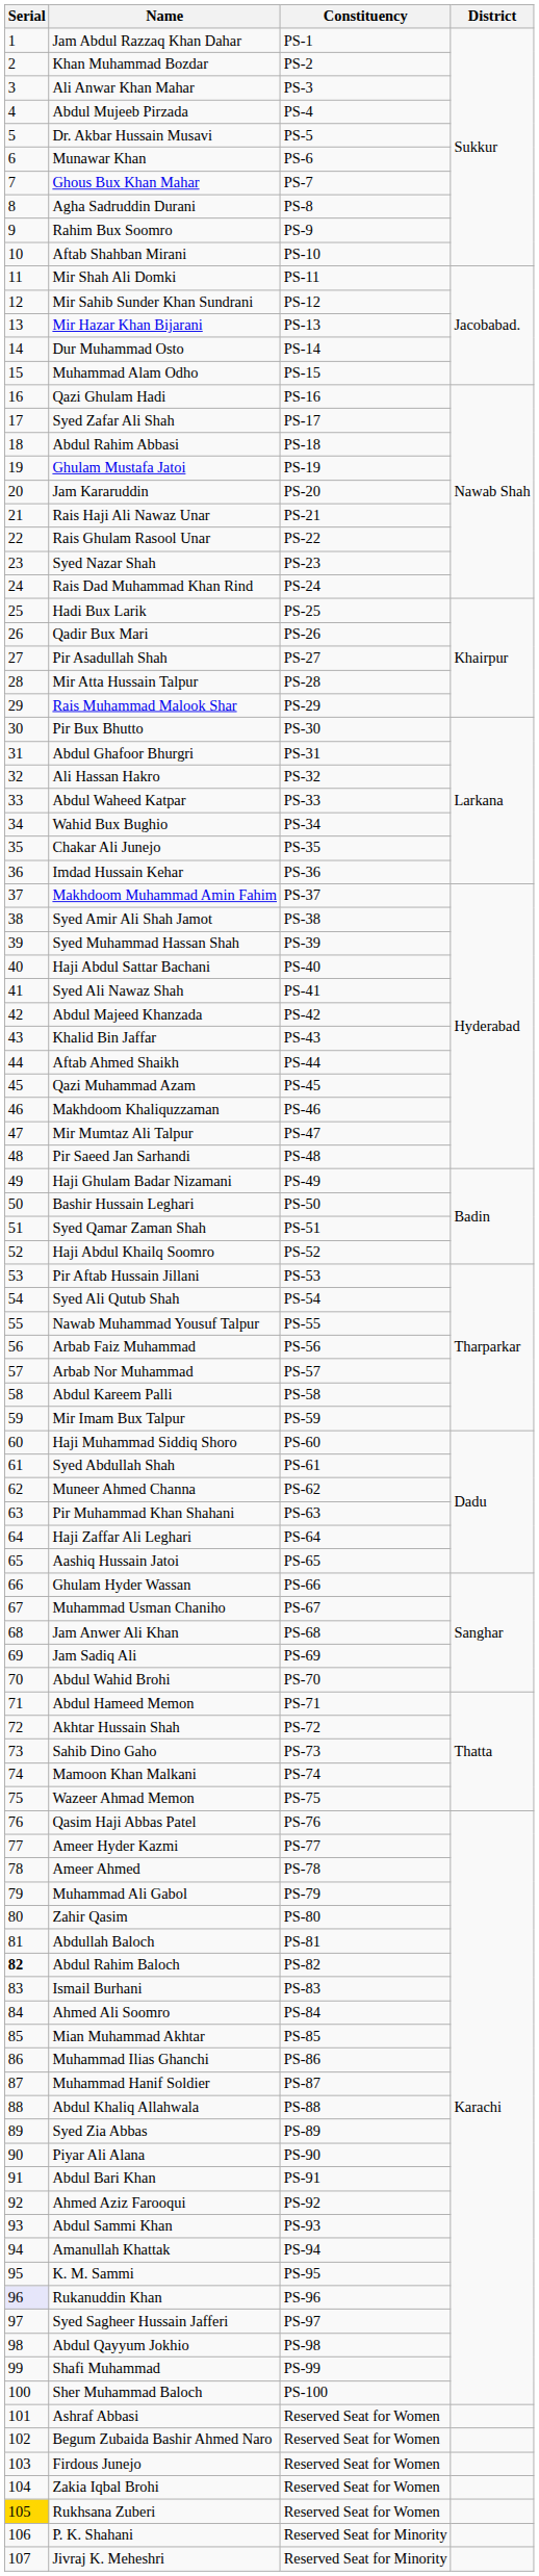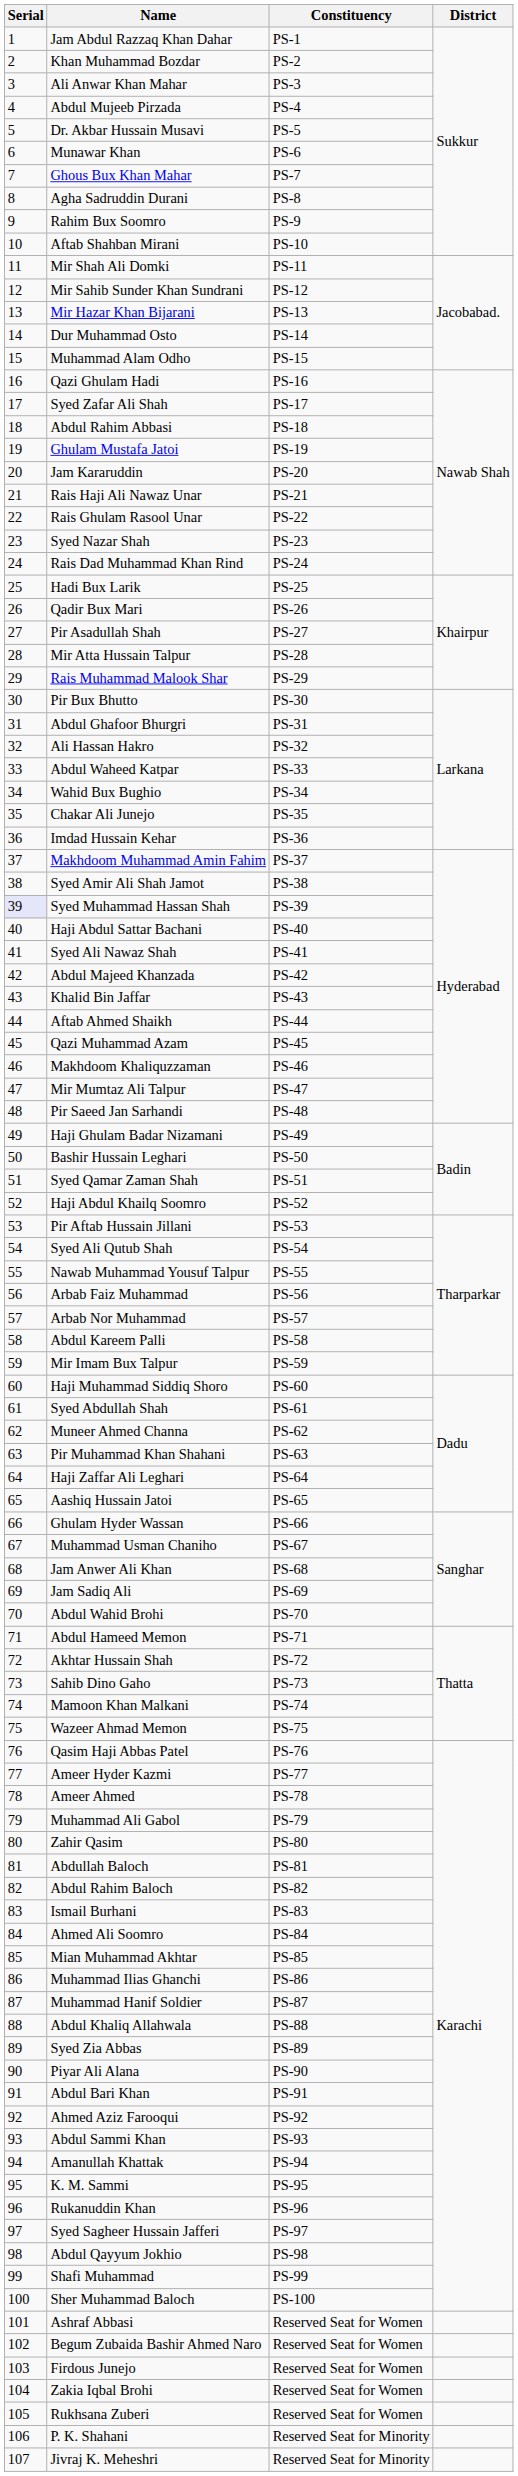 <table class="wikitable">
 <tr>
 <th>Serial</th>
 <th>Name</th>
 <th>Constituency</th>
 <th>District</th>
 </tr>
 <tr>
 <td>1</td>
 <td>Jam Abdul Razzaq Khan Dahar</td>
 <td>PS-1</td>
 <td rowspan="10">Sukkur</td>
 </tr>
 <tr>
 <td>2</td>
 <td>Khan Muhammad Bozdar</td>
 <td>PS-2</td>
 </tr>
 <tr>
 <td>3</td>
 <td>Ali Anwar Khan Mahar</td>
 <td>PS-3</td>
 </tr>
 <tr>
 <td>4</td>
 <td>Abdul Mujeeb Pirzada</td>
 <td>PS-4</td>
 </tr>
 <tr>
 <td>5</td>
 <td>Dr. Akbar Hussain Musavi</td>
 <td>PS-5</td>
 </tr>
 <tr>
 <td>6</td>
 <td>Munawar Khan</td>
 <td>PS-6</td>
 </tr>
 <tr>
 <td>7</td>
 <td><a href='#'>Ghous Bux Khan Mahar</a></td>
 <td>PS-7</td>
 </tr>
 <tr>
 <td>8</td>
 <td>Agha Sadruddin Durani</td>
 <td>PS-8</td>
 </tr>
 <tr>
 <td>9</td>
 <td>Rahim Bux Soomro</td>
 <td>PS-9</td>
 </tr>
 <tr>
 <td>10</td>
 <td>Aftab Shahban Mirani</td>
 <td>PS-10</td>
 </tr>
 <tr>
 <td>11</td>
 <td>Mir Shah Ali Domki</td>
 <td>PS-11</td>
 <td rowspan="5">Jacobabad.</td>
 </tr>
 <tr>
 <td>12</td>
 <td>Mir Sahib Sunder Khan Sundrani</td>
 <td>PS-12</td>
 </tr>
 <tr>
 <td>13</td>
 <td><a href='#'>Mir Hazar Khan Bijarani</a></td>
 <td>PS-13</td>
 </tr>
 <tr>
 <td>14</td>
 <td>Dur Muhammad Osto</td>
 <td>PS-14</td>
 </tr>
 <tr>
 <td>15</td>
 <td>Muhammad Alam Odho</td>
 <td>PS-15</td>
 </tr>
 <tr>
 <td>16</td>
 <td>Qazi Ghulam Hadi</td>
 <td>PS-16</td>
 <td rowspan="9">Nawab Shah</td>
 </tr>
 <tr>
 <td>17</td>
 <td>Syed Zafar Ali Shah</td>
 <td>PS-17</td>
 </tr>
 <tr>
 <td>18</td>
 <td>Abdul Rahim Abbasi</td>
 <td>PS-18</td>
 </tr>
 <tr>
 <td>19</td>
 <td><a href='#'>Ghulam Mustafa Jatoi</a></td>
 <td>PS-19</td>
 </tr>
 <tr>
 <td>20</td>
 <td>Jam Kararuddin</td>
 <td>PS-20</td>
 </tr>
 <tr>
 <td>21</td>
 <td>Rais Haji Ali Nawaz Unar</td>
 <td>PS-21</td>
 </tr>
 <tr>
 <td>22</td>
 <td>Rais Ghulam Rasool Unar</td>
 <td>PS-22</td>
 </tr>
 <tr>
 <td>23</td>
 <td>Syed Nazar Shah</td>
 <td>PS-23</td>
 </tr>
 <tr>
 <td>24</td>
 <td>Rais Dad Muhammad Khan Rind</td>
 <td>PS-24</td>
 </tr>
 <tr>
 <td>25</td>
 <td>Hadi Bux Larik</td>
 <td>PS-25</td>
 <td rowspan="5">Khairpur</td>
 </tr>
 <tr>
 <td>26</td>
 <td>Qadir Bux Mari</td>
 <td>PS-26</td>
 </tr>
 <tr>
 <td>27</td>
 <td>Pir Asadullah Shah</td>
 <td>PS-27</td>
 </tr>
 <tr>
 <td>28</td>
 <td>Mir Atta Hussain Talpur</td>
 <td>PS-28</td>
 </tr>
 <tr>
 <td>29</td>
 <td><a href='#'>Rais Muhammad Malook Shar</a></td>
 <td>PS-29</td>
 </tr>
 <tr>
 <td>30</td>
 <td>Pir Bux Bhutto</td>
 <td>PS-30</td>
 <td rowspan="7">Larkana</td>
 </tr>
 <tr>
 <td>31</td>
 <td>Abdul Ghafoor Bhurgri</td>
 <td>PS-31</td>
 </tr>
 <tr>
 <td>32</td>
 <td>Ali Hassan Hakro</td>
 <td>PS-32</td>
 </tr>
 <tr>
 <td>33</td>
 <td>Abdul Waheed Katpar</td>
 <td>PS-33</td>
 </tr>
 <tr>
 <td>34</td>
 <td>Wahid Bux Bughio</td>
 <td>PS-34</td>
 </tr>
 <tr>
 <td>35</td>
 <td>Chakar Ali Junejo</td>
 <td>PS-35</td>
 </tr>
 <tr>
 <td>36</td>
 <td>Imdad Hussain Kehar</td>
 <td>PS-36</td>
 </tr>
 <tr>
 <td>37</td>
 <td><a href='#'>Makhdoom Muhammad Amin Fahim</a></td>
 <td>PS-37</td>
 <td rowspan="12">Hyderabad</td>
 </tr>
 <tr>
 <td>38</td>
 <td>Syed Amir Ali Shah Jamot</td>
 <td>PS-38</td>
 </tr>
 <tr>
-<td>39</td>
+<td style="background: lavender;">39</td>
 <td>Syed Muhammad Hassan Shah</td>
 <td>PS-39</td>
 </tr>
 <tr>
 <td>40</td>
 <td>Haji Abdul Sattar Bachani</td>
 <td>PS-40</td>
 </tr>
 <tr>
 <td>41</td>
 <td>Syed Ali Nawaz Shah</td>
 <td>PS-41</td>
 </tr>
 <tr>
 <td>42</td>
 <td>Abdul Majeed Khanzada</td>
 <td>PS-42</td>
 </tr>
 <tr>
 <td>43</td>
 <td>Khalid Bin Jaffar</td>
 <td>PS-43</td>
 </tr>
 <tr>
 <td>44</td>
 <td>Aftab Ahmed Shaikh</td>
 <td>PS-44</td>
 </tr>
 <tr>
 <td>45</td>
 <td>Qazi Muhammad Azam</td>
 <td>PS-45</td>
 </tr>
 <tr>
 <td>46</td>
 <td>Makhdoom Khaliquzzaman</td>
 <td>PS-46</td>
 </tr>
 <tr>
 <td>47</td>
 <td>Mir Mumtaz Ali Talpur</td>
 <td>PS-47</td>
 </tr>
 <tr>
 <td>48</td>
 <td>Pir Saeed Jan Sarhandi</td>
 <td>PS-48</td>
 </tr>
 <tr>
 <td>49</td>
 <td>Haji Ghulam Badar Nizamani</td>
 <td>PS-49</td>
 <td rowspan="4">Badin</td>
 </tr>
 <tr>
 <td>50</td>
 <td>Bashir Hussain Leghari</td>
 <td>PS-50</td>
 </tr>
 <tr>
 <td>51</td>
 <td>Syed Qamar Zaman Shah</td>
 <td>PS-51</td>
 </tr>
 <tr>
 <td>52</td>
 <td>Haji Abdul Khailq Soomro</td>
 <td>PS-52</td>
 </tr>
 <tr>
 <td>53</td>
 <td>Pir Aftab Hussain Jillani</td>
 <td>PS-53</td>
 <td rowspan="7">Tharparkar</td>
 </tr>
 <tr>
 <td>54</td>
 <td>Syed Ali Qutub Shah</td>
 <td>PS-54</td>
 </tr>
 <tr>
 <td>55</td>
 <td>Nawab Muhammad Yousuf Talpur</td>
 <td>PS-55</td>
 </tr>
 <tr>
 <td>56</td>
 <td>Arbab Faiz Muhammad</td>
 <td>PS-56</td>
 </tr>
 <tr>
 <td>57</td>
 <td>Arbab Nor Muhammad</td>
 <td>PS-57</td>
 </tr>
 <tr>
 <td>58</td>
 <td>Abdul Kareem Palli</td>
 <td>PS-58</td>
 </tr>
 <tr>
 <td>59</td>
 <td>Mir Imam Bux Talpur</td>
 <td>PS-59</td>
 </tr>
 <tr>
 <td>60</td>
 <td>Haji Muhammad Siddiq Shoro</td>
 <td>PS-60</td>
 <td rowspan="6">Dadu</td>
 </tr>
 <tr>
 <td>61</td>
 <td>Syed Abdullah Shah</td>
 <td>PS-61</td>
 </tr>
 <tr>
 <td>62</td>
 <td>Muneer Ahmed Channa</td>
 <td>PS-62</td>
 </tr>
 <tr>
 <td>63</td>
 <td>Pir Muhammad Khan Shahani</td>
 <td>PS-63</td>
 </tr>
 <tr>
 <td>64</td>
 <td>Haji Zaffar Ali Leghari</td>
 <td>PS-64</td>
 </tr>
 <tr>
 <td>65</td>
 <td>Aashiq Hussain Jatoi</td>
 <td>PS-65</td>
 </tr>
 <tr>
 <td>66</td>
 <td>Ghulam Hyder Wassan</td>
 <td>PS-66</td>
 <td rowspan="5">Sanghar</td>
 </tr>
 <tr>
 <td>67</td>
 <td>Muhammad Usman Chaniho</td>
 <td>PS-67</td>
 </tr>
 <tr>
 <td>68</td>
 <td>Jam Anwer Ali Khan</td>
 <td>PS-68</td>
 </tr>
 <tr>
 <td>69</td>
 <td>Jam Sadiq Ali</td>
 <td>PS-69</td>
 </tr>
 <tr>
 <td>70</td>
 <td>Abdul Wahid Brohi</td>
 <td>PS-70</td>
 </tr>
 <tr>
 <td>71</td>
 <td>Abdul Hameed Memon</td>
 <td>PS-71</td>
 <td rowspan="5">Thatta</td>
 </tr>
 <tr>
 <td>72</td>
 <td>Akhtar Hussain Shah</td>
 <td>PS-72</td>
 </tr>
 <tr>
 <td>73</td>
 <td>Sahib Dino Gaho</td>
 <td>PS-73</td>
 </tr>
 <tr>
 <td>74</td>
 <td>Mamoon Khan Malkani</td>
 <td>PS-74</td>
 </tr>
 <tr>
 <td>75</td>
 <td>Wazeer Ahmad Memon</td>
 <td>PS-75</td>
 </tr>
 <tr>
 <td>76</td>
 <td>Qasim Haji Abbas Patel</td>
 <td>PS-76</td>
 <td rowspan="25">Karachi</td>
 </tr>
 <tr>
 <td>77</td>
 <td>Ameer Hyder Kazmi</td>
 <td>PS-77</td>
 </tr>
 <tr>
 <td>78</td>
 <td>Ameer Ahmed</td>
 <td>PS-78</td>
 </tr>
 <tr>
 <td>79</td>
 <td>Muhammad Ali Gabol</td>
 <td>PS-79</td>
 </tr>
 <tr>
 <td>80</td>
 <td>Zahir Qasim</td>
 <td>PS-80</td>
 </tr>
 <tr>
 <td>81</td>
 <td>Abdullah Baloch</td>
 <td>PS-81</td>
 </tr>
 <tr>
-<td><strong>82</strong></td>
+<td>82</td>
 <td>Abdul Rahim Baloch</td>
 <td>PS-82</td>
 </tr>
 <tr>
 <td>83</td>
 <td>Ismail Burhani</td>
 <td>PS-83</td>
 </tr>
 <tr>
 <td>84</td>
 <td>Ahmed Ali Soomro</td>
 <td>PS-84</td>
 </tr>
 <tr>
 <td>85</td>
 <td>Mian Muhammad Akhtar</td>
 <td>PS-85</td>
 </tr>
 <tr>
 <td>86</td>
 <td>Muhammad Ilias Ghanchi</td>
 <td>PS-86</td>
 </tr>
 <tr>
 <td>87</td>
 <td>Muhammad Hanif Soldier</td>
 <td>PS-87</td>
 </tr>
 <tr>
 <td>88</td>
 <td>Abdul Khaliq Allahwala</td>
 <td>PS-88</td>
 </tr>
 <tr>
 <td>89</td>
 <td>Syed Zia Abbas</td>
 <td>PS-89</td>
 </tr>
 <tr>
 <td>90</td>
 <td>Piyar Ali Alana</td>
 <td>PS-90</td>
 </tr>
 <tr>
 <td>91</td>
 <td>Abdul Bari Khan</td>
 <td>PS-91</td>
 </tr>
 <tr>
 <td>92</td>
 <td>Ahmed Aziz Farooqui</td>
 <td>PS-92</td>
 </tr>
 <tr>
 <td>93</td>
 <td>Abdul Sammi Khan</td>
 <td>PS-93</td>
 </tr>
 <tr>
 <td>94</td>
 <td>Amanullah Khattak</td>
 <td>PS-94</td>
 </tr>
 <tr>
 <td>95</td>
 <td>K. M. Sammi</td>
 <td>PS-95</td>
 </tr>
 <tr>
-<td style="background: lavender;">96</td>
+<td>96</td>
 <td>Rukanuddin Khan</td>
 <td>PS-96</td>
 </tr>
 <tr>
 <td>97</td>
 <td>Syed Sagheer Hussain Jafferi</td>
 <td>PS-97</td>
 </tr>
 <tr>
 <td>98</td>
 <td>Abdul Qayyum Jokhio</td>
 <td>PS-98</td>
 </tr>
 <tr>
 <td>99</td>
 <td>Shafi Muhammad</td>
 <td>PS-99</td>
 </tr>
 <tr>
 <td>100</td>
 <td>Sher Muhammad Baloch</td>
 <td>PS-100</td>
 </tr>
 <tr>
 <td>101</td>
 <td>Ashraf Abbasi</td>
 <td>Reserved Seat for Women</td>
 <td></td>
 </tr>
 <tr>
 <td>102</td>
 <td>Begum Zubaida Bashir Ahmed Naro</td>
 <td>Reserved Seat for Women</td>
 <td></td>
 </tr>
 <tr>
 <td>103</td>
 <td>Firdous Junejo</td>
 <td>Reserved Seat for Women</td>
 <td></td>
 </tr>
 <tr>
 <td>104</td>
 <td>Zakia Iqbal Brohi</td>
 <td>Reserved Seat for Women</td>
 <td></td>
 </tr>
 <tr>
-<td style="background: gold;">105</td>
+<td>105</td>
 <td>Rukhsana Zuberi</td>
 <td>Reserved Seat for Women</td>
 <td></td>
 </tr>
 <tr>
 <td>106</td>
 <td>P. K. Shahani</td>
 <td>Reserved Seat for Minority</td>
 <td></td>
 </tr>
 <tr>
 <td>107</td>
 <td>Jivraj K. Meheshri</td>
 <td>Reserved Seat for Minority</td>
 <td></td>
 </tr>
 </table>
